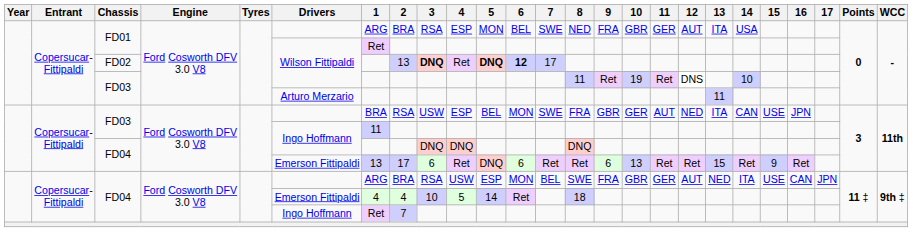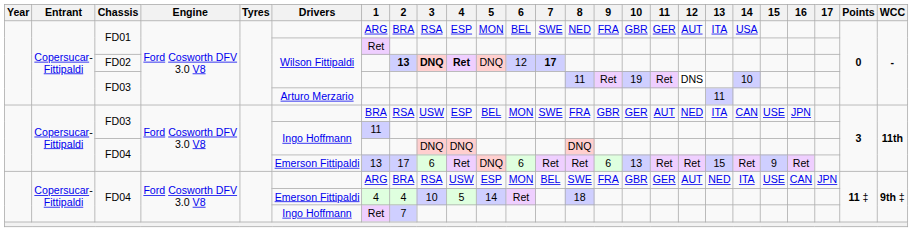 <table class="wikitable" style="text-align:center; font-size:85%">
 <tr>
 <th>Year</th>
 <th>Entrant</th>
 <th>Chassis</th>
 <th>Engine</th>
 <th>Tyres</th>
 <th>Drivers</th>
 <th>1</th>
 <th>2</th>
 <th>3</th>
 <th>4</th>
 <th>5</th>
 <th>6</th>
 <th>7</th>
 <th>8</th>
 <th>9</th>
 <th>10</th>
 <th>11</th>
 <th>12</th>
 <th>13</th>
 <th>14</th>
 <th>15</th>
 <th>16</th>
 <th>17</th>
 <th>Points</th>
 <th>WCC</th>
 </tr>
 <tr>
 <td rowspan="5"></td>
 <td rowspan="5"><a href='#'>Copersucar</a>-<br><a href='#'>Fittipaldi</a></td>
 <td rowspan="2">FD01</td>
 <td rowspan="5"><a href='#'>Ford</a> <a href='#'>Cosworth DFV</a> <br>3.0 <a href='#'>V8</a></td>
 <td rowspan="5"></td>
 <td></td>
 <td><a href='#'>ARG</a></td>
 <td><a href='#'>BRA</a></td>
 <td><a href='#'>RSA</a></td>
 <td><a href='#'>ESP</a></td>
 <td><a href='#'>MON</a></td>
 <td><a href='#'>BEL</a></td>
 <td><a href='#'>SWE</a></td>
 <td><a href='#'>NED</a></td>
 <td><a href='#'>FRA</a></td>
 <td><a href='#'>GBR</a></td>
 <td><a href='#'>GER</a></td>
 <td><a href='#'>AUT</a></td>
 <td><a href='#'>ITA</a></td>
 <td><a href='#'>USA</a></td>
 <td></td>
 <td></td>
 <td></td>
 <td rowspan="5"><strong>0</strong></td>
 <td rowspan="5"><strong>-</strong></td>
 </tr>
 <tr>
 <td rowspan="3"><a href='#'>Wilson Fittipaldi</a></td>
 <td style="background:#EFCFFF;">Ret</td>
 <td></td>
 <td></td>
 <td></td>
 <td></td>
 <td></td>
 <td></td>
 <td></td>
 <td></td>
 <td></td>
 <td></td>
 <td></td>
 <td></td>
 <td></td>
 <td></td>
 <td></td>
 <td></td>
 </tr>
 <tr>
 <td>FD02</td>
 <td></td>
-<td style="background:#CFCFFF;">13</td>
+<td style="background:#CFCFFF;"><strong>13</strong></td>
 <td style="background:#FFCFCF;"><strong>DNQ</strong></td>
-<td style="background:#EFCFFF;">Ret</td>
-<td style="background:#FFCFCF;"><strong>DNQ</strong></td>
-<td style="background:#CFCFFF;"><strong>12</strong></td>
-<td style="background:#CFCFFF;">17</td>
+<td style="background:#EFCFFF;"><strong>Ret</strong></td>
+<td style="background:#FFCFCF;">DNQ</td>
+<td style="background:#CFCFFF;">12</td>
+<td style="background:#CFCFFF;"><strong>17</strong></td>
 <td></td>
 <td></td>
 <td></td>
 <td></td>
 <td></td>
 <td></td>
 <td></td>
 <td></td>
 <td></td>
 <td></td>
 </tr>
 <tr>
 <td rowspan="2">FD03</td>
 <td></td>
 <td></td>
 <td></td>
 <td></td>
 <td></td>
 <td></td>
 <td></td>
 <td style="background:#CFCFFF;">11</td>
 <td style="background:#EFCFFF;">Ret</td>
 <td style="background:#CFCFFF;">19</td>
 <td style="background:#EFCFFF;">Ret</td>
 <td style="background:#FFFFFF;">DNS</td>
 <td></td>
 <td style="background:#CFCFFF;">10</td>
 <td></td>
 <td></td>
 <td></td>
 </tr>
 <tr>
 <td><a href='#'>Arturo Merzario</a></td>
 <td></td>
 <td></td>
 <td></td>
 <td></td>
 <td></td>
 <td></td>
 <td></td>
 <td></td>
 <td></td>
 <td></td>
 <td></td>
 <td></td>
 <td style="background:#CFCFFF;" align="center">11</td>
 <td></td>
 <td></td>
 <td></td>
 <td></td>
 </tr>
 <tr>
 <td rowspan="4"></td>
 <td rowspan="4"><a href='#'>Copersucar</a>-<br><a href='#'>Fittipaldi</a></td>
 <td rowspan="2">FD03</td>
 <td rowspan="4"><a href='#'>Ford</a> <a href='#'>Cosworth DFV</a> <br>3.0 <a href='#'>V8</a></td>
 <td rowspan="4"></td>
 <td></td>
 <td><a href='#'>BRA</a></td>
 <td><a href='#'>RSA</a></td>
 <td><a href='#'>USW</a></td>
 <td><a href='#'>ESP</a></td>
 <td><a href='#'>BEL</a></td>
 <td><a href='#'>MON</a></td>
 <td><a href='#'>SWE</a></td>
 <td><a href='#'>FRA</a></td>
 <td><a href='#'>GBR</a></td>
 <td><a href='#'>GER</a></td>
 <td><a href='#'>AUT</a></td>
 <td><a href='#'>NED</a></td>
 <td><a href='#'>ITA</a></td>
 <td><a href='#'>CAN</a></td>
 <td><a href='#'>USE</a></td>
 <td><a href='#'>JPN</a></td>
 <td></td>
 <td rowspan="4"><strong>3</strong></td>
 <td rowspan="4"><strong>11th</strong></td>
 </tr>
 <tr>
 <td rowspan="2"><a href='#'>Ingo Hoffmann</a></td>
 <td style="background:#CFCFFF;" align="center">11</td>
 <td></td>
 <td></td>
 <td></td>
 <td></td>
 <td></td>
 <td></td>
 <td></td>
 <td></td>
 <td></td>
 <td></td>
 <td></td>
 <td></td>
 <td></td>
 <td></td>
 <td></td>
 <td></td>
 </tr>
 <tr>
 <td rowspan="2">FD04</td>
 <td></td>
 <td></td>
 <td style="background:#FFCFCF;" align="center">DNQ</td>
 <td style="background:#FFCFCF;" align="center">DNQ</td>
 <td></td>
 <td></td>
 <td></td>
 <td style="background:#FFCFCF;" align="center">DNQ</td>
 <td></td>
 <td></td>
 <td></td>
 <td></td>
 <td></td>
 <td></td>
 <td></td>
 <td></td>
 <td></td>
 </tr>
 <tr>
 <td><a href='#'>Emerson Fittipaldi</a></td>
 <td style="background:#CFCFFF;" align="center">13</td>
 <td style="background:#CFCFFF;" align="center">17</td>
 <td style="background:#DFFFDF;" align="center">6</td>
 <td style="background:#EFCFFF;" align="center">Ret</td>
 <td style="background:#FFCFCF;" align="center">DNQ</td>
 <td style="background:#DFFFDF;" align="center">6</td>
 <td style="background:#EFCFFF;" align="center">Ret</td>
 <td style="background:#EFCFFF;" align="center">Ret</td>
 <td style="background:#DFFFDF;" align="center">6</td>
 <td style="background:#CFCFFF;" align="center">13</td>
 <td style="background:#EFCFFF;" align="center">Ret</td>
 <td style="background:#EFCFFF;" align="center">Ret</td>
 <td style="background:#CFCFFF;" align="center">15</td>
 <td style="background:#EFCFFF;" align="center">Ret</td>
 <td style="background:#CFCFFF;" align="center">9</td>
 <td style="background:#EFCFFF;" align="center">Ret</td>
 <td></td>
 </tr>
 <tr>
 <td rowspan="3"></td>
 <td rowspan="3"><a href='#'>Copersucar</a>-<br><a href='#'>Fittipaldi</a></td>
 <td rowspan="3">FD04</td>
 <td rowspan="3"><a href='#'>Ford</a> <a href='#'>Cosworth DFV</a> <br>3.0 <a href='#'>V8</a></td>
 <td rowspan="3"></td>
 <td></td>
 <td><a href='#'>ARG</a></td>
 <td><a href='#'>BRA</a></td>
 <td><a href='#'>RSA</a></td>
 <td><a href='#'>USW</a></td>
 <td><a href='#'>ESP</a></td>
 <td><a href='#'>MON</a></td>
 <td><a href='#'>BEL</a></td>
 <td><a href='#'>SWE</a></td>
 <td><a href='#'>FRA</a></td>
 <td><a href='#'>GBR</a></td>
 <td><a href='#'>GER</a></td>
 <td><a href='#'>AUT</a></td>
 <td><a href='#'>NED</a></td>
 <td><a href='#'>ITA</a></td>
 <td><a href='#'>USE</a></td>
 <td><a href='#'>CAN</a></td>
 <td><a href='#'>JPN</a></td>
 <td rowspan="3"><strong>11</strong> ‡</td>
 <td rowspan="3"><strong>9th</strong> ‡</td>
 </tr>
 <tr>
 <td><a href='#'>Emerson Fittipaldi</a></td>
 <td style="background:#DFFFDF;" align="center">4</td>
 <td style="background:#DFFFDF;" align="center">4</td>
 <td style="background:#CFCFFF;" align="center">10</td>
 <td style="background:#DFFFDF;" align="center">5</td>
 <td style="background:#CFCFFF;" align="center">14</td>
 <td style="background:#EFCFFF;" align="center">Ret</td>
 <td></td>
 <td style="background:#CFCFFF;" align="center">18</td>
 <td></td>
 <td></td>
 <td></td>
 <td></td>
 <td></td>
 <td></td>
 <td></td>
 <td></td>
 <td></td>
 </tr>
 <tr>
 <td><a href='#'>Ingo Hoffmann</a></td>
 <td style="background:#EFCFFF;" align="center">Ret</td>
 <td style="background:#CFCFFF;" align="center">7</td>
 <td></td>
 <td></td>
 <td></td>
 <td></td>
 <td></td>
 <td></td>
 <td></td>
 <td></td>
 <td></td>
 <td></td>
 <td></td>
 <td></td>
 <td></td>
 <td></td>
 <td></td>
 </tr>
 <tr>
 <th colspan="25"></th>
 </tr>
 </table>
